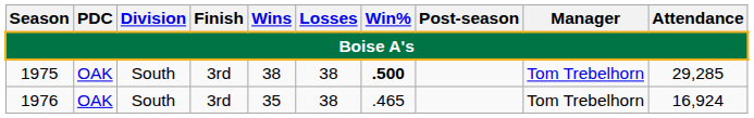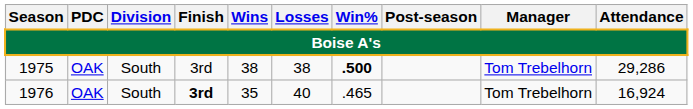 <table class="wikitable" style="text-align:center; font-size:95%">
 <tr>
 <th scope="col">Season</th>
 <th scope="col">PDC</th>
 <th scope="col"><a href='#'>Division</a></th>
 <th scope="col">Finish</th>
 <th scope="col"><a href='#'>Wins</a></th>
 <th scope="col"><a href='#'>Losses</a></th>
 <th scope="col"><a href='#'>Win%</a></th>
 <th scope="col">Post-season</th>
 <th scope="col">Manager</th>
 <th scope="col">Attendance</th>
 </tr>
 <tr>
 <td align="center" colspan="11" style="background: #007444; color: white; border:2px solid #EFB21E"><strong>Boise A's</strong></td>
 </tr>
 <tr>
 <td>1975</td>
 <td><a href='#'>OAK</a></td>
 <td>South</td>
 <td>3rd</td>
 <td>38</td>
 <td>38</td>
 <td><strong>.500</strong></td>
 <td></td>
 <td><a href='#'>Tom Trebelhorn</a></td>
-<td>29,285</td>
+<td>29,286</td>
 </tr>
 <tr>
 <td>1976</td>
 <td><a href='#'>OAK</a></td>
 <td>South</td>
-<td>3rd</td>
+<td><strong>3rd</strong></td>
 <td>35</td>
-<td>38</td>
+<td>40</td>
 <td>.465</td>
 <td></td>
 <td>Tom Trebelhorn</td>
 <td>16,924</td>
 </tr>
 </table>
